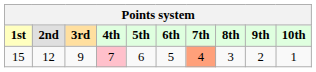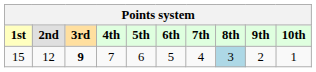 <table class="wikitable" style="font-size: 85%; text-align: center">
 <tr>
 <th colspan=19>Points system</th>
 </tr>
 <tr>
 <td style="background:#ffffbf;"> <strong>1st</strong> </td>
 <td style="background:#dfdfdf;"> <strong>2nd</strong> </td>
 <td style="background:#ffdf9f;"> <strong>3rd</strong> </td>
 <td style="background:#dfffdf;"> <strong>4th</strong> </td>
 <td style="background:#dfffdf;"> <strong>5th</strong> </td>
 <td style="background:#dfffdf;"> <strong>6th</strong> </td>
 <td style="background:#dfffdf;"> <strong>7th</strong> </td>
 <td style="background:#dfffdf;"> <strong>8th</strong> </td>
 <td style="background:#dfffdf;"> <strong>9th</strong> </td>
 <td style="background:#dfffdf;"> <strong>10th</strong> </td>
 </tr>
 <tr>
 <td>15</td>
 <td>12</td>
-<td>9</td>
-<td style="background: pink;">7</td>
+<td><strong>9</strong></td>
+<td>7</td>
 <td>6</td>
 <td>5</td>
-<td style="background: lightsalmon;">4</td>
-<td>3</td>
+<td>4</td>
+<td style="background: lightblue;">3</td>
 <td>2</td>
 <td>1</td>
 </tr>
 </table>
